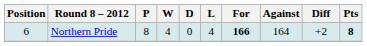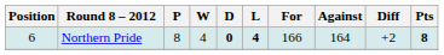 <table class="wikitable" style="text-align:center; font-size:85%;">
 <tr>
 <th width=40 abbr="Position">Position</th>
 <th width=100>Round 8 – 2012</th>
 <th width=20 abbr="Played">P</th>
 <th width=20 abbr="Won">W</th>
 <th width=20 abbr="Drawn">D</th>
 <th width=20 abbr="Lost">L</th>
 <th width=40 abbr="Points for">For</th>
 <th width=40 abbr="Points against">Against</th>
 <th width=40 abbr="Points difference">Diff</th>
 <th width=20 abbr="Points">Pts</th>
 </tr>
 <tr style="background: #d7ebed;">
 <td>6</td>
 <td style="text-align:left;"> <a href='#'>Northern Pride</a></td>
 <td>8</td>
 <td>4</td>
-<td>0</td>
-<td>4</td>
-<td><strong>166</strong></td>
+<td><strong>0</strong></td>
+<td><strong>4</strong></td>
+<td>166</td>
 <td>164</td>
 <td>+2</td>
 <td><strong>8</strong></td>
 </tr>
 <tr>
 </tr>
 </table>
